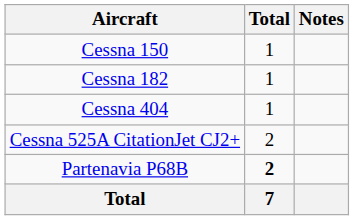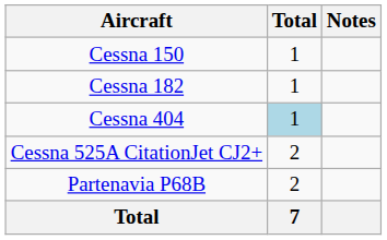 <table class="wikitable" style="margin:0.5em auto; text-align:center">
 <tr>
 <th>Aircraft</th>
 <th>Total</th>
 <th>Notes</th>
 </tr>
 <tr>
 <td><a href='#'>Cessna 150</a></td>
 <td>1</td>
 <td></td>
 </tr>
 <tr>
 <td><a href='#'>Cessna 182</a></td>
 <td>1</td>
 <td></td>
 </tr>
 <tr>
 <td><a href='#'>Cessna 404</a></td>
-<td>1</td>
+<td style="background: lightblue;">1</td>
 <td></td>
 </tr>
 <tr>
 <td><a href='#'>Cessna 525A CitationJet CJ2+</a></td>
 <td>2</td>
 <td></td>
 </tr>
 <tr>
 <td><a href='#'>Partenavia P68B</a></td>
-<td><strong>2</strong></td>
+<td>2</td>
 <td></td>
 </tr>
 <tr>
 <th>Total</th>
 <th>7</th>
 <th colspan="3"></th>
 </tr>
 </table>
